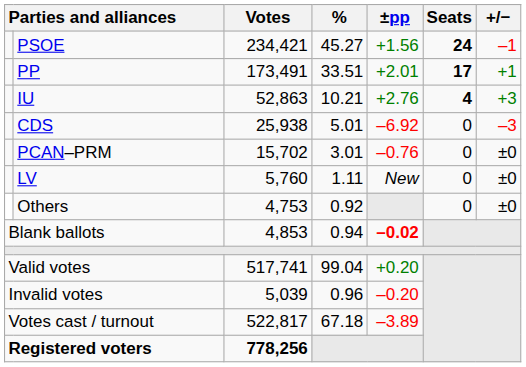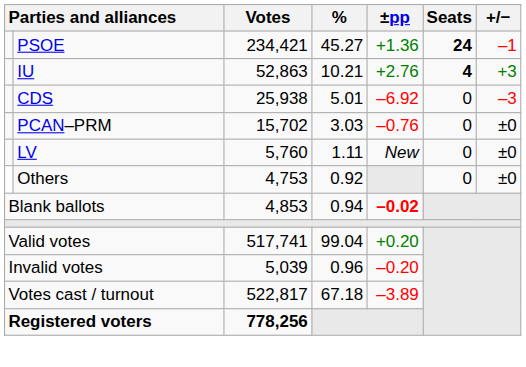 <table class="wikitable" style="text-align:right;">
 <tr>
 <th style="text-align:left;" colspan="2" width="200">Parties and alliances</th>
 <th width="75">Votes</th>
 <th width="45">%</th>
 <th width="45">±<a href='#'>pp</a></th>
 <th width="35">Seats</th>
 <th width="35">+/−</th>
 </tr>
 <tr>
 <td width="1" style="color:inherit;background:"></td>
 <td align="left"><a href='#'>PSOE</a></td>
 <td>234,421</td>
 <td>45.27</td>
-<td style="color:green;">+1.56</td>
+<td style="color:green;">+1.36</td>
 <td><strong>24</strong></td>
 <td style="color:red;">–1</td>
-</tr>
-<tr>
-<td style="color:inherit;background:"></td>
-<td align="left"><a href='#'>PP</a></td>
-<td>173,491</td>
-<td>33.51</td>
-<td style="color:green;">+2.01</td>
-<td><strong>17</strong></td>
-<td style="color:green;">+1</td>
 </tr>
 <tr>
 <td style="color:inherit;background:"></td>
 <td align="left"><a href='#'>IU</a></td>
 <td>52,863</td>
 <td>10.21</td>
 <td style="color:green;">+2.76</td>
 <td><strong>4</strong></td>
 <td style="color:green;">+3</td>
 </tr>
 <tr>
 <td style="color:inherit;background:"></td>
 <td align="left"><a href='#'>CDS</a></td>
 <td>25,938</td>
 <td>5.01</td>
 <td style="color:red;">–6.92</td>
 <td>0</td>
 <td style="color:red;">–3</td>
 </tr>
 <tr>
 <td style="color:inherit;background:"></td>
 <td align="left"><a href='#'>PCAN</a>–PRM</td>
 <td>15,702</td>
-<td>3.01</td>
+<td>3.03</td>
 <td style="color:red;">–0.76</td>
 <td>0</td>
 <td>±0</td>
 </tr>
 <tr>
 <td style="color:inherit;background:"></td>
 <td align="left"><a href='#'>LV</a></td>
 <td>5,760</td>
 <td>1.11</td>
 <td><em>New</em></td>
 <td>0</td>
 <td>±0</td>
 </tr>
 <tr>
 <td bgcolor="white"></td>
 <td align="left">Others</td>
 <td>4,753</td>
 <td>0.92</td>
 <td bgcolor="#E9E9E9"></td>
 <td>0</td>
 <td>±0</td>
 </tr>
 <tr>
 <td align="left" colspan="2">Blank ballots</td>
 <td>4,853</td>
 <td>0.94</td>
 <td style="color:red;"><strong>–0.02</strong></td>
 <td bgcolor="#E9E9E9" colspan="2"></td>
 </tr>
 <tr>
 <td colspan="7" bgcolor="#E9E9E9"></td>
 </tr>
 <tr>
 <td align="left" colspan="2">Valid votes</td>
 <td>517,741</td>
 <td>99.04</td>
 <td style="color:green;">+0.20</td>
 <td bgcolor="#E9E9E9" colspan="2" rowspan="4"></td>
 </tr>
 <tr>
 <td align="left" colspan="2">Invalid votes</td>
 <td>5,039</td>
 <td>0.96</td>
 <td style="color:red;">–0.20</td>
 </tr>
 <tr>
 <td align="left" colspan="2">Votes cast / turnout</td>
 <td>522,817</td>
 <td>67.18</td>
 <td style="color:red;">–3.89</td>
 </tr>
 <tr style="font-weight:bold;">
 <td align="left" colspan="2">Registered voters</td>
 <td>778,256</td>
 <td bgcolor="#E9E9E9" colspan="2"></td>
 </tr>
 </table>
